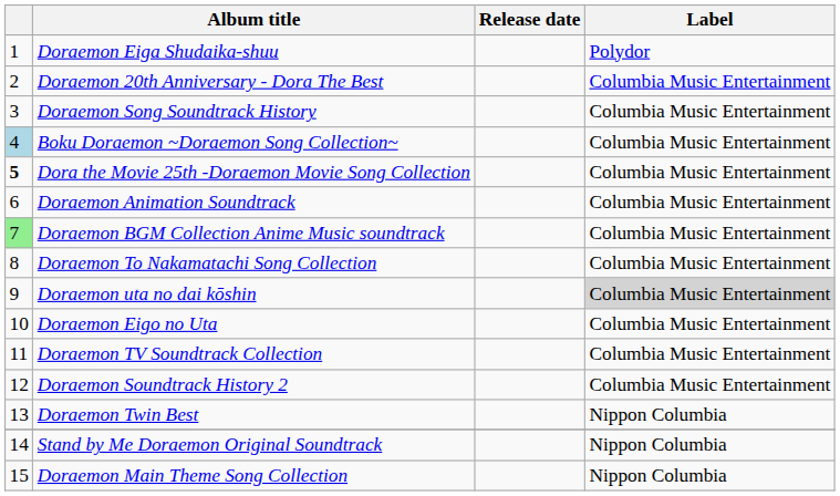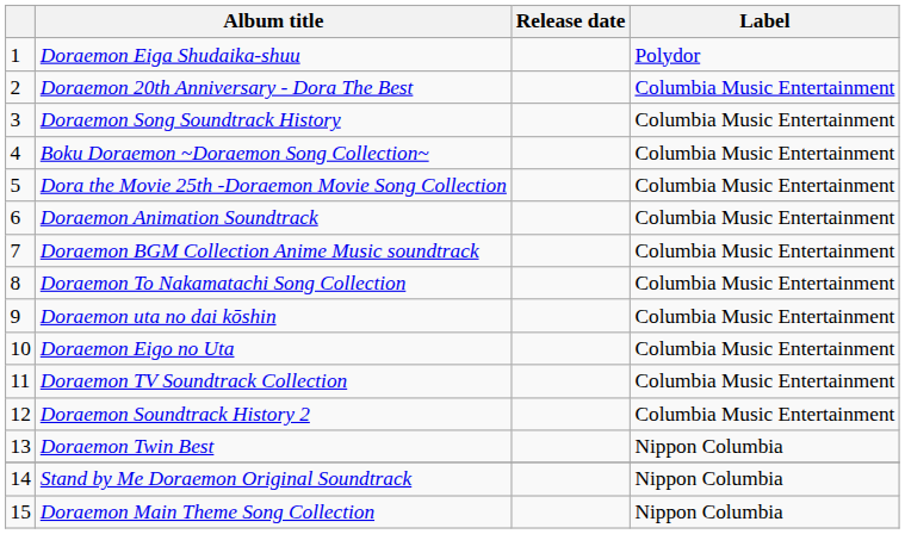 <table class = wikitable>
 <tr>
 <th></th>
 <th>Album title</th>
 <th>Release date</th>
 <th>Label</th>
 </tr>
 <tr>
 <td>1</td>
 <td><em><a href='#'>Doraemon Eiga Shudaika-shuu</a></em></td>
 <td></td>
 <td><a href='#'>Polydor</a></td>
 </tr>
 <tr>
 <td>2</td>
 <td><a href='#'><em>Doraemon 20th Anniversary - Dora The Best</em></a></td>
 <td> </td>
 <td><a href='#'>Columbia Music Entertainment</a></td>
 </tr>
 <tr>
 <td>3</td>
 <td><a href='#'><em>Doraemon Song Soundtrack History</em></a></td>
 <td></td>
 <td>Columbia Music Entertainment</td>
 </tr>
 <tr>
-<td style="background: lightblue;">4</td>
+<td>4</td>
 <td><a href='#'><em>Boku Doraemon ~Doraemon Song Collection~</em></a></td>
 <td> </td>
 <td>Columbia Music Entertainment</td>
 </tr>
 <tr>
-<td><strong>5</strong></td>
+<td>5</td>
 <td><a href='#'><em>Dora the Movie 25th -Doraemon Movie Song Collection</em></a></td>
 <td> </td>
 <td>Columbia Music Entertainment</td>
 </tr>
 <tr>
 <td>6</td>
 <td><a href='#'><em>Doraemon Animation Soundtrack</em></a></td>
 <td></td>
 <td>Columbia Music Entertainment</td>
 </tr>
 <tr>
-<td style="background: lightgreen;">7</td>
+<td>7</td>
 <td><a href='#'><em>Doraemon BGM Collection Anime Music soundtrack</em></a></td>
 <td></td>
 <td>Columbia Music Entertainment</td>
 </tr>
 <tr>
 <td>8</td>
 <td><a href='#'><em>Doraemon To Nakamatachi Song Collection</em></a></td>
 <td> </td>
 <td>Columbia Music Entertainment</td>
 </tr>
 <tr>
 <td>9</td>
 <td><a href='#'><em>Doraemon uta no dai kōshin</em></a></td>
 <td> </td>
-<td style="background: lightgrey;">Columbia Music Entertainment</td>
+<td>Columbia Music Entertainment</td>
 </tr>
 <tr>
 <td>10</td>
 <td><a href='#'><em>Doraemon Eigo no Uta</em></a></td>
 <td> </td>
 <td>Columbia Music Entertainment</td>
 </tr>
 <tr>
 <td>11</td>
 <td><a href='#'><em>Doraemon TV Soundtrack Collection</em></a></td>
 <td></td>
 <td>Columbia Music Entertainment</td>
 </tr>
 <tr>
 <td>12</td>
 <td><a href='#'><em>Doraemon Soundtrack History 2</em></a></td>
 <td> </td>
 <td>Columbia Music Entertainment</td>
 </tr>
 <tr>
 <td>13</td>
 <td><a href='#'><em>Doraemon Twin Best</em></a></td>
 <td> </td>
 <td>Nippon Columbia</td>
 </tr>
 <tr>
 </tr>
 <tr>
 <td>14</td>
 <td><a href='#'><em>Stand by Me Doraemon Original Soundtrack</em></a></td>
 <td></td>
 <td>Nippon Columbia</td>
 </tr>
 <tr>
 <td>15</td>
 <td><a href='#'><em>Doraemon Main Theme Song Collection</em></a></td>
 <td> </td>
 <td>Nippon Columbia</td>
 </tr>
 </table>
